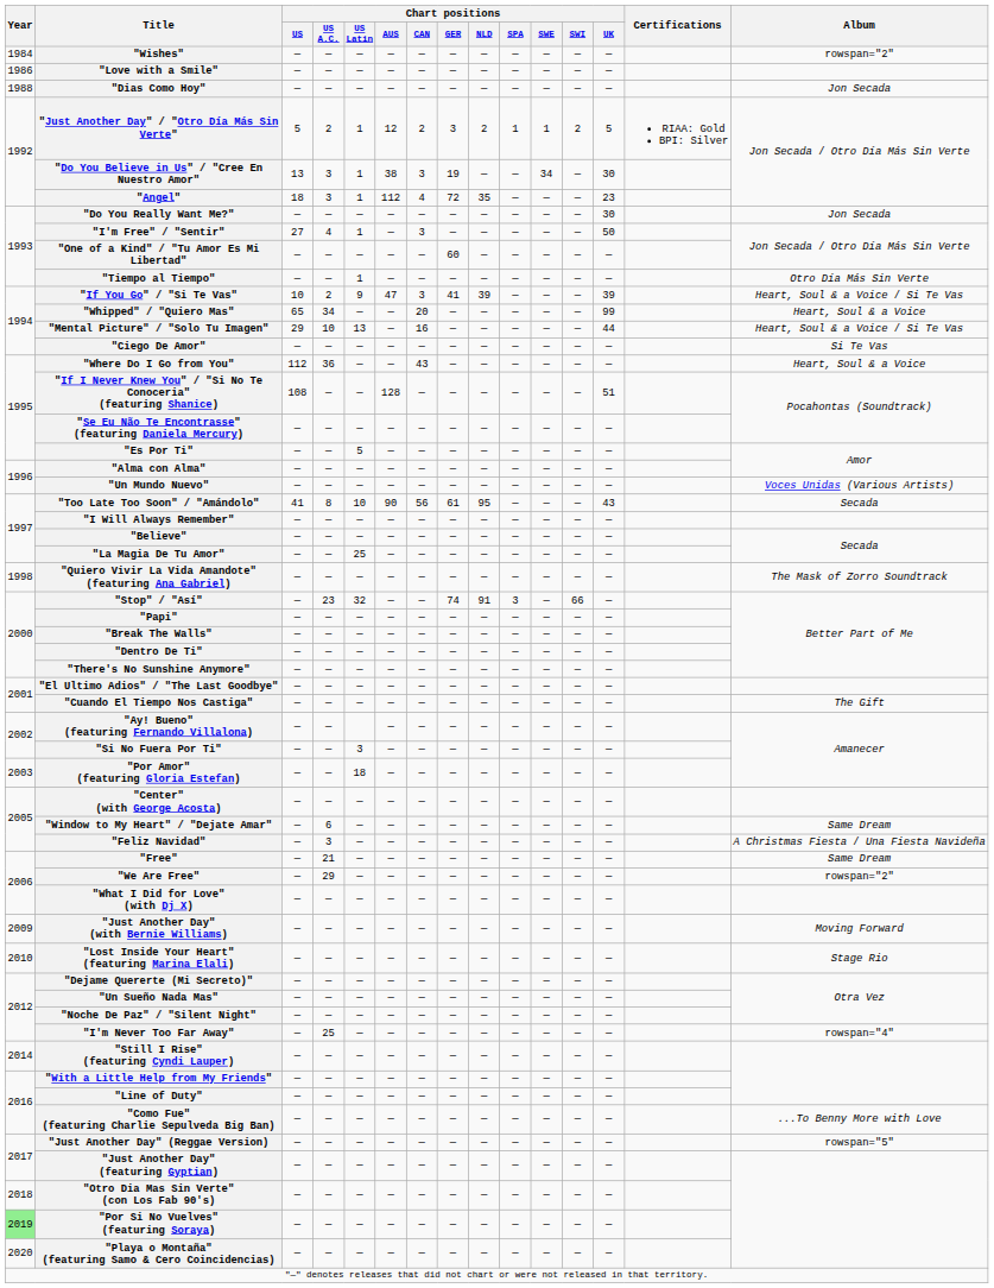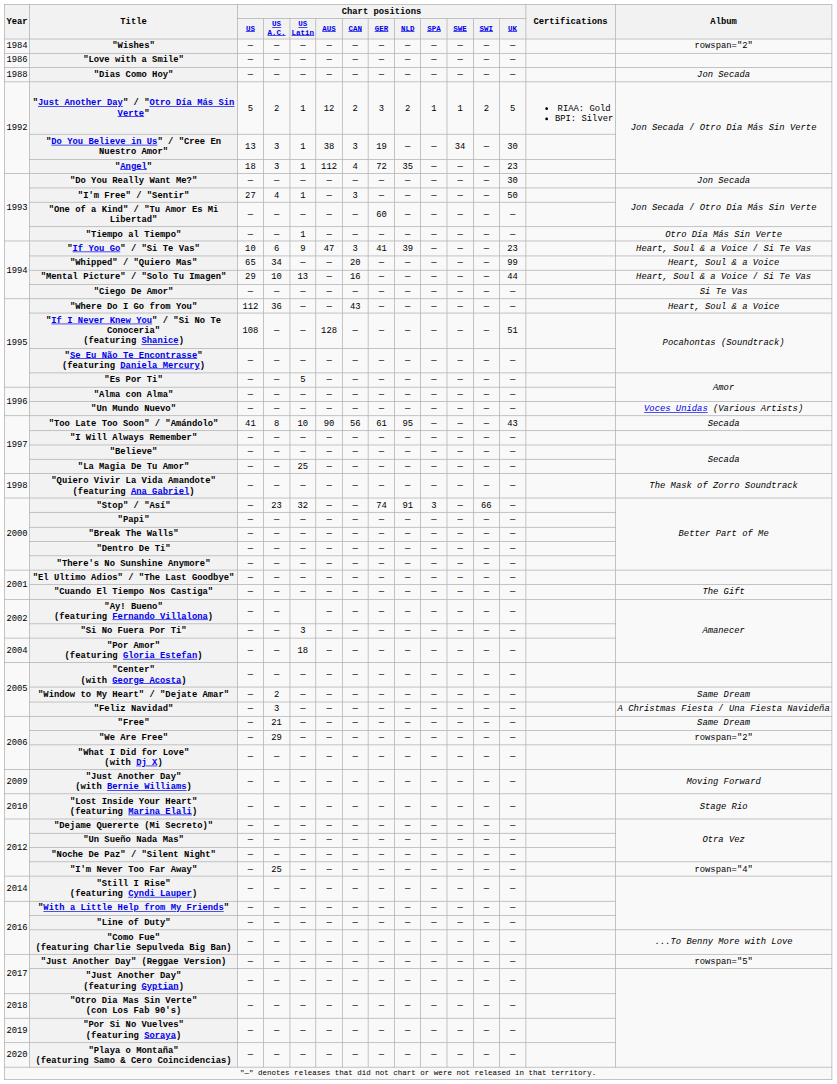 <table class="wikitable plainrowheaders" style="text-align:center;" border="1">
 <tr>
 <th scope="col" rowspan="2" style="width:1em;">Year</th>
 <th scope="col" rowspan="2" style="width:23em;">Title</th>
 <th scope="col" colspan="11">Chart positions</th>
 <th scope="col" rowspan="2">Certifications</th>
 <th scope="col" rowspan="2">Album</th>
 </tr>
 <tr>
 <th scope="col" style="width:3em;font-size:85%;"><a href='#'>US</a><br></th>
 <th scope="col" style="width:3em;font-size:85%;"><a href='#'>US A.C.</a><br></th>
 <th scope="col" style="width:3em;font-size:85%;"><a href='#'>US Latin</a><br></th>
 <th scope="col" style="width:3em;font-size:85%;"><a href='#'>AUS</a><br></th>
 <th scope="col" style="width:3em;font-size:85%;"><a href='#'>CAN</a><br></th>
 <th scope="col" style="width:3em;font-size:85%;"><a href='#'>GER</a><br></th>
 <th scope="col" style="width:3em;font-size:85%;"><a href='#'>NLD</a><br></th>
 <th scope="col" style="width:3em;font-size:85%;"><a href='#'>SPA</a><br></th>
 <th scope="col" style="width:3em;font-size:85%;"><a href='#'>SWE</a><br></th>
 <th scope="col" style="width:3em;font-size:85%;"><a href='#'>SWI</a><br></th>
 <th scope="col" style="width:3em;font-size:85%;"><a href='#'>UK</a><br></th>
 </tr>
 <tr>
 <td>1984</td>
 <th scope="row">"Wishes"</th>
 <td>—</td>
 <td>—</td>
 <td>—</td>
 <td>—</td>
 <td>—</td>
 <td>—</td>
 <td>—</td>
 <td>—</td>
 <td>—</td>
 <td>—</td>
 <td>—</td>
 <td></td>
 <td>rowspan="2" </td>
 </tr>
 <tr>
 <td>1986</td>
 <th scope="row">"Love with a Smile"</th>
 <td>—</td>
 <td>—</td>
 <td>—</td>
 <td>—</td>
 <td>—</td>
 <td>—</td>
 <td>—</td>
 <td>—</td>
 <td>—</td>
 <td>—</td>
 <td>—</td>
 <td></td>
 </tr>
 <tr>
 <td>1988</td>
 <th scope="row">"Dias Como Hoy"</th>
 <td>—</td>
 <td>—</td>
 <td>—</td>
 <td>—</td>
 <td>—</td>
 <td>—</td>
 <td>—</td>
 <td>—</td>
 <td>—</td>
 <td>—</td>
 <td>—</td>
 <td></td>
 <td><em>Jon Secada</em></td>
 </tr>
 <tr>
 <td rowspan="3">1992</td>
 <th scope="row">"<a href='#'>Just Another Day</a>" / "<a href='#'>Otro Día Más Sin Verte</a>"</th>
 <td>5</td>
 <td>2</td>
 <td>1</td>
 <td>12</td>
 <td>2</td>
 <td>3</td>
 <td>2</td>
 <td>1</td>
 <td>1</td>
 <td>2</td>
 <td>5</td>
 <td><br><ul><li>RIAA: Gold</li><li>BPI: Silver</li></ul></td>
 <td rowspan="3"><em>Jon Secada</em> / <em>Otro Día Más Sin Verte</em></td>
 </tr>
 <tr>
 <th scope="row">"<a href='#'>Do You Believe in Us</a>" / "Cree En Nuestro Amor"</th>
 <td>13</td>
 <td>3</td>
 <td>1</td>
 <td>38</td>
 <td>3</td>
 <td>19</td>
 <td>—</td>
 <td>—</td>
 <td>34</td>
 <td>—</td>
 <td>30</td>
 <td></td>
 </tr>
 <tr>
 <th scope="row">"<a href='#'>Angel</a>"</th>
 <td>18</td>
 <td>3</td>
 <td>1</td>
 <td>112</td>
 <td>4</td>
 <td>72</td>
 <td>35</td>
 <td>—</td>
 <td>—</td>
 <td>—</td>
 <td>23</td>
 <td></td>
 </tr>
 <tr>
 <td rowspan="4">1993</td>
 <th scope="row">"Do You Really Want Me?"</th>
 <td>—</td>
 <td>—</td>
 <td>—</td>
 <td>—</td>
 <td>—</td>
 <td>—</td>
 <td>—</td>
 <td>—</td>
 <td>—</td>
 <td>—</td>
 <td>30</td>
 <td></td>
 <td><em>Jon Secada</em></td>
 </tr>
 <tr>
 <th scope="row">"I'm Free" / "Sentir"</th>
 <td>27</td>
 <td>4</td>
 <td>1</td>
 <td>—</td>
 <td>3</td>
 <td>—</td>
 <td>—</td>
 <td>—</td>
 <td>—</td>
 <td>—</td>
 <td>50</td>
 <td></td>
 <td rowspan="2"><em>Jon Secada</em> / <em>Otro Día Más Sin Verte</em></td>
 </tr>
 <tr>
 <th scope="row">"One of a Kind" / "Tu Amor Es Mi Libertad"</th>
 <td>—</td>
 <td>—</td>
 <td>—</td>
 <td>—</td>
 <td>—</td>
 <td>60</td>
 <td>—</td>
 <td>—</td>
 <td>—</td>
 <td>—</td>
 <td>—</td>
 <td></td>
 </tr>
 <tr>
 <th scope="row">"Tiempo al Tiempo"</th>
 <td>—</td>
 <td>—</td>
 <td>1</td>
 <td>—</td>
 <td>—</td>
 <td>—</td>
 <td>—</td>
 <td>—</td>
 <td>—</td>
 <td>—</td>
 <td>—</td>
 <td></td>
 <td><em>Otro Día Más Sin Verte</em></td>
 </tr>
 <tr>
 <td rowspan="4">1994</td>
 <th scope="row">"<a href='#'>If You Go</a>" / "Si Te Vas"</th>
 <td>10</td>
-<td>2</td>
+<td>6</td>
 <td>9</td>
 <td>47</td>
 <td>3</td>
 <td>41</td>
 <td>39</td>
 <td>—</td>
 <td>—</td>
 <td>—</td>
-<td>39</td>
+<td>23</td>
 <td></td>
 <td><em>Heart, Soul & a Voice</em> / <em>Si Te Vas</em></td>
 </tr>
 <tr>
 <th scope="row">"Whipped" / "Quiero Mas"</th>
 <td>65</td>
 <td>34</td>
 <td>—</td>
 <td>—</td>
 <td>20</td>
 <td>—</td>
 <td>—</td>
 <td>—</td>
 <td>—</td>
 <td>—</td>
 <td>99</td>
 <td></td>
 <td><em>Heart, Soul & a Voice</em></td>
 </tr>
 <tr>
 <th scope="row">"Mental Picture" / "Solo Tu Imagen"</th>
 <td>29</td>
 <td>10</td>
 <td>13</td>
 <td>—</td>
 <td>16</td>
 <td>—</td>
 <td>—</td>
 <td>—</td>
 <td>—</td>
 <td>—</td>
 <td>44</td>
 <td></td>
 <td><em>Heart, Soul & a Voice</em> / <em>Si Te Vas</em></td>
 </tr>
 <tr>
 <th scope="row">"Ciego De Amor"</th>
 <td>—</td>
 <td>—</td>
 <td>—</td>
 <td>—</td>
 <td>—</td>
 <td>—</td>
 <td>—</td>
 <td>—</td>
 <td>—</td>
 <td>—</td>
 <td>—</td>
 <td></td>
 <td><em>Si Te Vas </em></td>
 </tr>
 <tr>
 <td rowspan="4">1995</td>
 <th scope="row">"Where Do I Go from You"</th>
 <td>112</td>
 <td>36</td>
 <td>—</td>
 <td>—</td>
 <td>43</td>
 <td>—</td>
 <td>—</td>
 <td>—</td>
 <td>—</td>
 <td>—</td>
 <td>—</td>
 <td></td>
 <td><em>Heart, Soul & a Voice</em></td>
 </tr>
 <tr>
 <th scope="row">"<a href='#'>If I Never Knew You</a>" / "Si No Te Conoceria"<br><span>(featuring <a href='#'>Shanice</a>)</span></th>
 <td>108</td>
 <td>—</td>
 <td>—</td>
 <td>128</td>
 <td>—</td>
 <td>—</td>
 <td>—</td>
 <td>—</td>
 <td>—</td>
 <td>—</td>
 <td>51</td>
 <td></td>
 <td rowspan="2"><em>Pocahontas (Soundtrack)</em></td>
 </tr>
 <tr>
 <th scope="row">"<a href='#'>Se Eu Não Te Encontrasse</a>"<br><span>(featuring <a href='#'>Daniela Mercury</a>)</span></th>
 <td>—</td>
 <td>—</td>
 <td>—</td>
 <td>—</td>
 <td>—</td>
 <td>—</td>
 <td>—</td>
 <td>—</td>
 <td>—</td>
 <td>—</td>
 <td>—</td>
 <td></td>
 </tr>
 <tr>
 <th scope="row">"Es Por Ti"</th>
 <td>—</td>
 <td>—</td>
 <td>5</td>
 <td>—</td>
 <td>—</td>
 <td>—</td>
 <td>—</td>
 <td>—</td>
 <td>—</td>
 <td>—</td>
 <td>—</td>
 <td></td>
 <td rowspan="2"><em>Amor</em></td>
 </tr>
 <tr>
 <td rowspan="2">1996</td>
 <th scope="row">"Alma con Alma"</th>
 <td>—</td>
 <td>—</td>
 <td>—</td>
 <td>—</td>
 <td>—</td>
 <td>—</td>
 <td>—</td>
 <td>—</td>
 <td>—</td>
 <td>—</td>
 <td>—</td>
 <td></td>
 </tr>
 <tr>
 <th scope="row">"Un Mundo Nuevo"</th>
 <td>—</td>
 <td>—</td>
 <td>—</td>
 <td>—</td>
 <td>—</td>
 <td>—</td>
 <td>—</td>
 <td>—</td>
 <td>—</td>
 <td>—</td>
 <td>—</td>
 <td></td>
 <td><em><a href='#'>Voces Unidas</a> (Various Artists)</em></td>
 </tr>
 <tr>
 <td rowspan="4">1997</td>
 <th scope="row">"Too Late Too Soon" / "Amándolo"</th>
 <td>41</td>
 <td>8</td>
 <td>10</td>
 <td>90</td>
 <td>56</td>
 <td>61</td>
 <td>95</td>
 <td>—</td>
 <td>—</td>
 <td>—</td>
 <td>43</td>
 <td></td>
 <td><em>Secada</em></td>
 </tr>
 <tr>
 <th scope="row">"I Will Always Remember"</th>
 <td>—</td>
 <td>—</td>
 <td>—</td>
 <td>—</td>
 <td>—</td>
 <td>—</td>
 <td>—</td>
 <td>—</td>
 <td>—</td>
 <td>—</td>
 <td>—</td>
 <td></td>
 <td></td>
 </tr>
 <tr>
 <th scope="row">"Believe"</th>
 <td>—</td>
 <td>—</td>
 <td>—</td>
 <td>—</td>
 <td>—</td>
 <td>—</td>
 <td>—</td>
 <td>—</td>
 <td>—</td>
 <td>—</td>
 <td>—</td>
 <td></td>
 <td rowspan="2"><em>Secada</em></td>
 </tr>
 <tr>
 <th scope="row">"La Magia De Tu Amor"</th>
 <td>—</td>
 <td>—</td>
 <td>25</td>
 <td>—</td>
 <td>—</td>
 <td>—</td>
 <td>—</td>
 <td>—</td>
 <td>—</td>
 <td>—</td>
 <td>—</td>
 <td></td>
 </tr>
 <tr>
 <td>1998</td>
 <th scope="row">"Quiero Vivir La Vida Amandote"<br><span>(featuring <a href='#'>Ana Gabriel</a>)</span></th>
 <td>—</td>
 <td>—</td>
 <td>—</td>
 <td>—</td>
 <td>—</td>
 <td>—</td>
 <td>—</td>
 <td>—</td>
 <td>—</td>
 <td>—</td>
 <td>—</td>
 <td></td>
 <td><em>The Mask of Zorro Soundtrack</em></td>
 </tr>
 <tr>
 <td rowspan="5">2000</td>
 <th scope="row">"Stop" / "Así"</th>
 <td>—</td>
 <td>23</td>
 <td>32</td>
 <td>—</td>
 <td>—</td>
 <td>74</td>
 <td>91</td>
 <td>3</td>
 <td>—</td>
 <td>66</td>
 <td>—</td>
 <td></td>
 <td rowspan="5"><em>Better Part of Me</em></td>
 </tr>
 <tr>
 <th scope="row">"Papi"</th>
 <td>—</td>
 <td>—</td>
 <td>—</td>
 <td>—</td>
 <td>—</td>
 <td>—</td>
 <td>—</td>
 <td>—</td>
 <td>—</td>
 <td>—</td>
 <td>—</td>
 <td></td>
 </tr>
 <tr>
 <th scope="row">"Break The Walls"</th>
 <td>—</td>
 <td>—</td>
 <td>—</td>
 <td>—</td>
 <td>—</td>
 <td>—</td>
 <td>—</td>
 <td>—</td>
 <td>—</td>
 <td>—</td>
 <td>—</td>
 <td></td>
 </tr>
 <tr>
 <th scope="row">"Dentro De Ti"</th>
 <td>—</td>
 <td>—</td>
 <td>—</td>
 <td>—</td>
 <td>—</td>
 <td>—</td>
 <td>—</td>
 <td>—</td>
 <td>—</td>
 <td>—</td>
 <td>—</td>
 <td></td>
 </tr>
 <tr>
 <th scope="row">"There's No Sunshine Anymore"</th>
 <td>—</td>
 <td>—</td>
 <td>—</td>
 <td>—</td>
 <td>—</td>
 <td>—</td>
 <td>—</td>
 <td>—</td>
 <td>—</td>
 <td>—</td>
 <td>—</td>
 <td></td>
 </tr>
 <tr>
 <td rowspan="2">2001</td>
 <th scope="row">"El Ultimo Adios" / "The Last Goodbye"</th>
 <td>—</td>
 <td>—</td>
 <td>—</td>
 <td>—</td>
 <td>—</td>
 <td>—</td>
 <td>—</td>
 <td>—</td>
 <td>—</td>
 <td>—</td>
 <td>—</td>
 <td></td>
 <td></td>
 </tr>
 <tr>
 <th scope="row">"Cuando El Tiempo Nos Castiga"</th>
 <td>—</td>
 <td>—</td>
 <td>—</td>
 <td>—</td>
 <td>—</td>
 <td>—</td>
 <td>—</td>
 <td>—</td>
 <td>—</td>
 <td>—</td>
 <td>—</td>
 <td></td>
 <td><em>The Gift</em></td>
 </tr>
 <tr>
 <td rowspan="2">2002</td>
 <th scope="row">"Ay! Bueno"<br><span>(featuring <a href='#'>Fernando Villalona</a>)</span></th>
 <td>—</td>
 <td>—</td>
 <td></td>
 <td>—</td>
 <td>—</td>
 <td>—</td>
 <td>—</td>
 <td>—</td>
 <td>—</td>
 <td>—</td>
 <td>—</td>
 <td></td>
 <td rowspan="3"><em>Amanecer</em></td>
 </tr>
 <tr>
 <th scope="row">"Si No Fuera Por Ti"</th>
 <td>—</td>
 <td>—</td>
 <td>3</td>
 <td>—</td>
 <td>—</td>
 <td>—</td>
 <td>—</td>
 <td>—</td>
 <td>—</td>
 <td>—</td>
 <td>—</td>
 <td></td>
 </tr>
 <tr>
-<td>2003</td>
+<td>2004</td>
 <th scope="row">"Por Amor"<br><span>(featuring <a href='#'>Gloria Estefan</a>)</span></th>
 <td>—</td>
 <td>—</td>
 <td>18</td>
 <td>—</td>
 <td>—</td>
 <td>—</td>
 <td>—</td>
 <td>—</td>
 <td>—</td>
 <td>—</td>
 <td>—</td>
 <td></td>
 </tr>
 <tr>
 <td rowspan="3">2005</td>
 <th scope="row">"Center"<br><span>(with <a href='#'>George Acosta</a>)</span></th>
 <td>—</td>
 <td>—</td>
 <td>—</td>
 <td>—</td>
 <td>—</td>
 <td>—</td>
 <td>—</td>
 <td>—</td>
 <td>—</td>
 <td>—</td>
 <td>—</td>
 <td></td>
 <td></td>
 </tr>
 <tr>
 <th scope="row">"Window to My Heart" / "Dejate Amar"</th>
 <td>—</td>
-<td>6</td>
+<td>2</td>
 <td>—</td>
 <td>—</td>
 <td>—</td>
 <td>—</td>
 <td>—</td>
 <td>—</td>
 <td>—</td>
 <td>—</td>
 <td>—</td>
 <td></td>
 <td><em>Same Dream</em></td>
 </tr>
 <tr>
 <th scope="row">"Feliz Navidad"</th>
 <td>—</td>
 <td>3</td>
 <td>—</td>
 <td>—</td>
 <td>—</td>
 <td>—</td>
 <td>—</td>
 <td>—</td>
 <td>—</td>
 <td>—</td>
 <td>—</td>
 <td></td>
 <td><em>A Christmas Fiesta</em> /  <em>Una Fiesta Navideña</em></td>
 </tr>
 <tr>
 <td rowspan="3">2006</td>
 <th scope="row">"Free"</th>
 <td>—</td>
 <td>21</td>
 <td>—</td>
 <td>—</td>
 <td>—</td>
 <td>—</td>
 <td>—</td>
 <td>—</td>
 <td>—</td>
 <td>—</td>
 <td>—</td>
 <td></td>
 <td><em>Same Dream</em></td>
 </tr>
 <tr>
 <th scope="row">"We Are Free"</th>
 <td>—</td>
 <td>29</td>
 <td>—</td>
 <td>—</td>
 <td>—</td>
 <td>—</td>
 <td>—</td>
 <td>—</td>
 <td>—</td>
 <td>—</td>
 <td>—</td>
 <td></td>
 <td>rowspan="2" </td>
 </tr>
 <tr>
 <th scope="row">"What I Did for Love"<br><span>(with <a href='#'>Dj X</a>)</span></th>
 <td>—</td>
 <td>—</td>
 <td>—</td>
 <td>—</td>
 <td>—</td>
 <td>—</td>
 <td>—</td>
 <td>—</td>
 <td>—</td>
 <td>—</td>
 <td>—</td>
 <td></td>
 </tr>
 <tr>
 <td>2009</td>
 <th scope="row">"Just Another Day" <br><span>(with <a href='#'>Bernie Williams</a>)</span></th>
 <td>—</td>
 <td>—</td>
 <td>—</td>
 <td>—</td>
 <td>—</td>
 <td>—</td>
 <td>—</td>
 <td>—</td>
 <td>—</td>
 <td>—</td>
 <td>—</td>
 <td></td>
 <td><em>Moving Forward</em></td>
 </tr>
 <tr>
 <td>2010</td>
 <th scope="row">"Lost Inside Your Heart" <br><span>(featuring <a href='#'>Marina Elali</a>)</span></th>
 <td>—</td>
 <td>—</td>
 <td>—</td>
 <td>—</td>
 <td>—</td>
 <td>—</td>
 <td>—</td>
 <td>—</td>
 <td>—</td>
 <td>—</td>
 <td>—</td>
 <td></td>
 <td><em>Stage Rio</em></td>
 </tr>
 <tr>
 <td rowspan="4">2012</td>
 <th scope="row">"Dejame Quererte (Mi Secreto)"</th>
 <td>—</td>
 <td>—</td>
 <td>—</td>
 <td>—</td>
 <td>—</td>
 <td>—</td>
 <td>—</td>
 <td>—</td>
 <td>—</td>
 <td>—</td>
 <td>—</td>
 <td></td>
 <td rowspan="3"><em>Otra Vez</em></td>
 </tr>
 <tr>
 <th scope="row">"Un Sueño Nada Mas"</th>
 <td>—</td>
 <td>—</td>
 <td>—</td>
 <td>—</td>
 <td>—</td>
 <td>—</td>
 <td>—</td>
 <td>—</td>
 <td>—</td>
 <td>—</td>
 <td>—</td>
 <td></td>
 </tr>
 <tr>
 <th scope="row">"Noche De Paz" / "Silent Night"</th>
 <td>—</td>
 <td>—</td>
 <td>—</td>
 <td>—</td>
 <td>—</td>
 <td>—</td>
 <td>—</td>
 <td>—</td>
 <td>—</td>
 <td>—</td>
 <td>—</td>
 <td></td>
 </tr>
 <tr>
 <th scope="row">"I'm Never Too Far Away"</th>
 <td>—</td>
 <td>25</td>
 <td>—</td>
 <td>—</td>
 <td>—</td>
 <td>—</td>
 <td>—</td>
 <td>—</td>
 <td>—</td>
 <td>—</td>
 <td>—</td>
 <td></td>
 <td>rowspan="4" </td>
 </tr>
 <tr>
 <td>2014</td>
 <th scope="row">"Still I Rise"<br><span>(featuring <a href='#'>Cyndi Lauper</a>)</span></th>
 <td>—</td>
 <td>—</td>
 <td>—</td>
 <td>—</td>
 <td>—</td>
 <td>—</td>
 <td>—</td>
 <td>—</td>
 <td>—</td>
 <td>—</td>
 <td>—</td>
 <td></td>
 </tr>
 <tr>
 <td rowspan="3">2016</td>
 <th scope="row">"<a href='#'>With a Little Help from My Friends</a>"</th>
 <td>—</td>
 <td>—</td>
 <td>—</td>
 <td>—</td>
 <td>—</td>
 <td>—</td>
 <td>—</td>
 <td>—</td>
 <td>—</td>
 <td>—</td>
 <td>—</td>
 <td></td>
 </tr>
 <tr>
 <th scope="row">"Line of Duty"</th>
 <td>—</td>
 <td>—</td>
 <td>—</td>
 <td>—</td>
 <td>—</td>
 <td>—</td>
 <td>—</td>
 <td>—</td>
 <td>—</td>
 <td>—</td>
 <td>—</td>
 <td></td>
 </tr>
 <tr>
 <th scope="row">"Como Fue"<br><span>(featuring Charlie Sepulveda Big Ban)</span></th>
 <td>—</td>
 <td>—</td>
 <td>—</td>
 <td>—</td>
 <td>—</td>
 <td>—</td>
 <td>—</td>
 <td>—</td>
 <td>—</td>
 <td>—</td>
 <td>—</td>
 <td></td>
 <td><em>...To Benny More with Love</em></td>
 </tr>
 <tr>
 <td rowspan="2">2017</td>
 <th scope="row">"Just Another Day" (Reggae Version)</th>
 <td>—</td>
 <td>—</td>
 <td>—</td>
 <td>—</td>
 <td>—</td>
 <td>—</td>
 <td>—</td>
 <td>—</td>
 <td>—</td>
 <td>—</td>
 <td>—</td>
 <td></td>
 <td>rowspan="5" </td>
 </tr>
 <tr>
 <th scope="row">"Just Another Day"<br><span>(featuring <a href='#'>Gyptian</a>)</span></th>
 <td>—</td>
 <td>—</td>
 <td>—</td>
 <td>—</td>
 <td>—</td>
 <td>—</td>
 <td>—</td>
 <td>—</td>
 <td>—</td>
 <td>—</td>
 <td>—</td>
 <td></td>
 </tr>
 <tr>
 <td>2018</td>
 <th scope="row">"Otro Dia Mas Sin Verte"<br><span>(con Los Fab 90's)</span></th>
 <td>—</td>
 <td>—</td>
 <td>—</td>
 <td>—</td>
 <td>—</td>
 <td>—</td>
 <td>—</td>
 <td>—</td>
 <td>—</td>
 <td>—</td>
 <td>—</td>
 <td></td>
 </tr>
 <tr>
-<td rowspan="1" style="background: lightgreen;">2019</td>
+<td rowspan="1">2019</td>
 <th scope="row">"Por Si No Vuelves"<br><span>(featuring <a href='#'>Soraya</a>)</span></th>
 <td>—</td>
 <td>—</td>
 <td>—</td>
 <td>—</td>
 <td>—</td>
 <td>—</td>
 <td>—</td>
 <td>—</td>
 <td>—</td>
 <td>—</td>
 <td>—</td>
 <td></td>
 </tr>
 <tr>
 <td>2020</td>
 <th scope="row">"Playa o Montaña"<br><span>(featuring Samo & Cero Coincidencias)</span></th>
 <td>—</td>
 <td>—</td>
 <td>—</td>
 <td>—</td>
 <td>—</td>
 <td>—</td>
 <td>—</td>
 <td>—</td>
 <td>—</td>
 <td>—</td>
 <td>—</td>
 <td></td>
 </tr>
 <tr>
 <td colspan="20" style="text-align:center; font-size:85%;">"—" denotes releases that did not chart or were not released in that territory.</td>
 </tr>
 </table>
